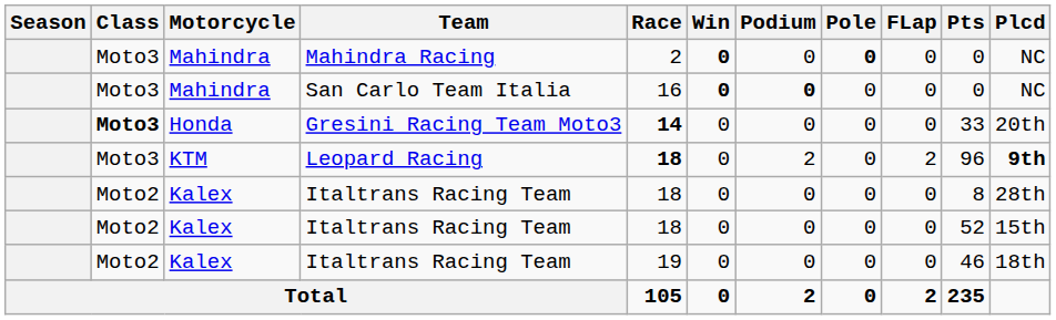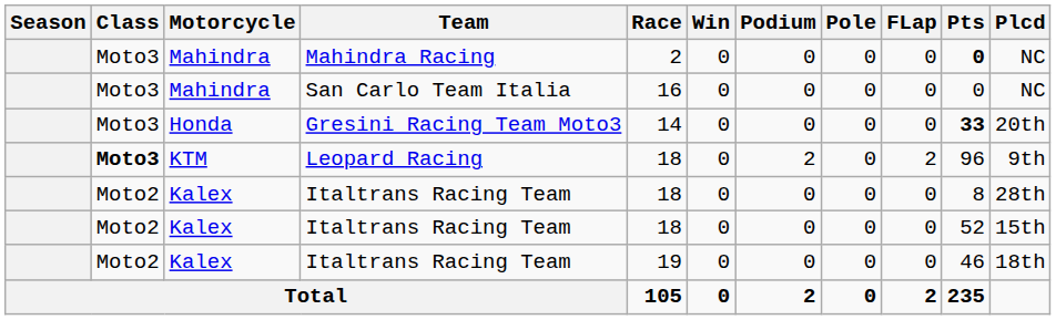 <table class="wikitable" style=text-align:right;">
 <tr>
 <th>Season</th>
 <th>Class</th>
 <th>Motorcycle</th>
 <th>Team</th>
 <th>Race</th>
 <th>Win</th>
 <th>Podium</th>
 <th>Pole</th>
 <th>FLap</th>
 <th>Pts</th>
 <th>Plcd</th>
 </tr>
 <tr>
 <th></th>
 <td>Moto3</td>
 <td style="text-align:left;"><a href='#'>Mahindra</a></td>
 <td style="text-align:left;"><a href='#'>Mahindra Racing</a></td>
 <td>2</td>
-<td><strong>0</strong></td>
+<td>0</td>
+<td>0</td>
+<td>0</td>
 <td>0</td>
 <td><strong>0</strong></td>
-<td>0</td>
-<td>0</td>
 <td>NC</td>
 </tr>
 <tr>
 <th></th>
 <td>Moto3</td>
 <td style="text-align:left;"><a href='#'>Mahindra</a></td>
 <td style="text-align:left;">San Carlo Team Italia</td>
 <td>16</td>
-<td><strong>0</strong></td>
-<td><strong>0</strong></td>
+<td>0</td>
+<td>0</td>
 <td>0</td>
 <td>0</td>
 <td>0</td>
 <td>NC</td>
 </tr>
 <tr>
 <th></th>
-<td><strong>Moto3</strong></td>
+<td>Moto3</td>
 <td style="text-align:left;"><a href='#'>Honda</a></td>
 <td style="text-align:left;"><a href='#'>Gresini Racing Team Moto3</a></td>
-<td><strong>14</strong></td>
+<td>14</td>
 <td>0</td>
 <td>0</td>
 <td>0</td>
 <td>0</td>
-<td>33</td>
+<td><strong>33</strong></td>
 <td>20th</td>
 </tr>
 <tr>
 <th></th>
-<td>Moto3</td>
+<td><strong>Moto3</strong></td>
 <td style="text-align:left;"><a href='#'>KTM</a></td>
 <td style="text-align:left;"><a href='#'>Leopard Racing</a></td>
-<td><strong>18</strong></td>
+<td>18</td>
 <td>0</td>
 <td>2</td>
 <td>0</td>
 <td>2</td>
 <td>96</td>
-<td><strong>9th</strong></td>
+<td>9th</td>
 </tr>
 <tr>
 <th></th>
 <td>Moto2</td>
 <td style="text-align:left;"><a href='#'>Kalex</a></td>
 <td style="text-align:left;">Italtrans Racing Team</td>
 <td>18</td>
 <td>0</td>
 <td>0</td>
 <td>0</td>
 <td>0</td>
 <td>8</td>
 <td>28th</td>
 </tr>
 <tr>
 <th></th>
 <td>Moto2</td>
 <td style="text-align:left;"><a href='#'>Kalex</a></td>
 <td style="text-align:left;">Italtrans Racing Team</td>
 <td>18</td>
 <td>0</td>
 <td>0</td>
 <td>0</td>
 <td>0</td>
 <td>52</td>
 <td>15th</td>
 </tr>
 <tr>
 <th></th>
 <td>Moto2</td>
 <td style="text-align:left;"><a href='#'>Kalex</a></td>
 <td style="text-align:left;">Italtrans Racing Team</td>
 <td>19</td>
 <td>0</td>
 <td>0</td>
 <td>0</td>
 <td>0</td>
 <td>46</td>
 <td>18th</td>
 </tr>
 <tr>
 <th colspan="4">Total</th>
 <td><strong>105</strong></td>
 <td><strong>0</strong></td>
 <td><strong>2</strong></td>
 <td><strong>0</strong></td>
 <td><strong>2</strong></td>
 <td><strong>235</strong></td>
 <td></td>
 </tr>
 </table>
